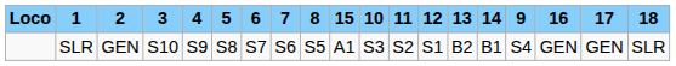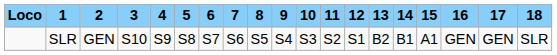 <table class="wikitable plainrowheaders unsortable" style="text-align:center">
 <tr>
 <th scope="col" rowspan="1" style="background:lightskyblue;">Loco</th>
 <th scope="col" rowspan="1" style="background:lightskyblue;">1</th>
 <th scope="col" rowspan="1" style="background:lightskyblue;">2</th>
 <th scope="col" rowspan="1" style="background:lightskyblue;">3</th>
 <th scope="col" rowspan="1" style="background:lightskyblue;">4</th>
 <th scope="col" rowspan="1" style="background:lightskyblue;">5</th>
 <th scope="col" rowspan="1" style="background:lightskyblue;">6</th>
 <th scope="col" rowspan="1" style="background:lightskyblue;">7</th>
 <th scope="col" rowspan="1" style="background:lightskyblue;">8</th>
-<th scope="col" rowspan="1" style="background:lightskyblue;">15</th>
+<th scope="col" rowspan="1" style="background:lightskyblue;">9</th>
 <th scope="col" rowspan="1" style="background:lightskyblue;">10</th>
 <th scope="col" rowspan="1" style="background:lightskyblue;">11</th>
 <th scope="col" rowspan="1" style="background:lightskyblue;">12</th>
 <th scope="col" rowspan="1" style="background:lightskyblue;">13</th>
 <th scope="col" rowspan="1" style="background:lightskyblue;">14</th>
-<th scope="col" rowspan="1" style="background:lightskyblue;">9</th>
+<th scope="col" rowspan="1" style="background:lightskyblue;">15</th>
 <th scope="col" rowspan="1" style="background:lightskyblue;">16</th>
 <th scope="col" rowspan="1" style="background:lightskyblue;">17</th>
 <th scope="col" rowspan="1" style="background:lightskyblue;">18</th>
 </tr>
 <tr>
 <td></td>
 <td>SLR</td>
 <td>GEN</td>
 <td>S10</td>
 <td>S9</td>
 <td>S8</td>
 <td>S7</td>
 <td>S6</td>
 <td>S5</td>
-<td>A1</td>
+<td>S4</td>
 <td>S3</td>
 <td>S2</td>
 <td>S1</td>
 <td>B2</td>
 <td>B1</td>
-<td>S4</td>
+<td>A1</td>
 <td>GEN</td>
 <td>GEN</td>
 <td>SLR</td>
 </tr>
 </table>
